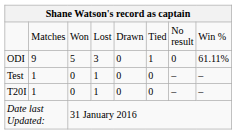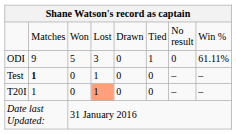 <table class="wikitable" style="float: right; margin-left: 1em; width: 40%; font-size: 90%;">
 <tr>
 <th colspan="8"><strong>Shane Watson's record as captain</strong></th>
 </tr>
 <tr>
 <td> </td>
 <td>Matches</td>
 <td>Won</td>
 <td>Lost</td>
 <td>Drawn</td>
 <td>Tied</td>
 <td>No result</td>
 <td>Win %</td>
 </tr>
 <tr>
 <td>ODI</td>
 <td>9</td>
 <td>5</td>
 <td>3</td>
 <td>0</td>
 <td>1</td>
 <td>0</td>
 <td>61.11%</td>
 </tr>
 <tr>
 <td>Test</td>
-<td>1</td>
+<td><strong>1</strong></td>
 <td>0</td>
 <td>1</td>
 <td>0</td>
 <td>0</td>
 <td>–</td>
 <td>–</td>
 </tr>
 <tr>
 <td>T20I</td>
 <td>1</td>
 <td>0</td>
-<td>1</td>
+<td style="background: lightsalmon;">1</td>
 <td>0</td>
 <td>0</td>
 <td>–</td>
 <td>–</td>
 </tr>
 <tr>
 <td colspan=2><em>Date last Updated:</em></td>
 <td colspan=8>31 January 2016</td>
 </tr>
 </table>
